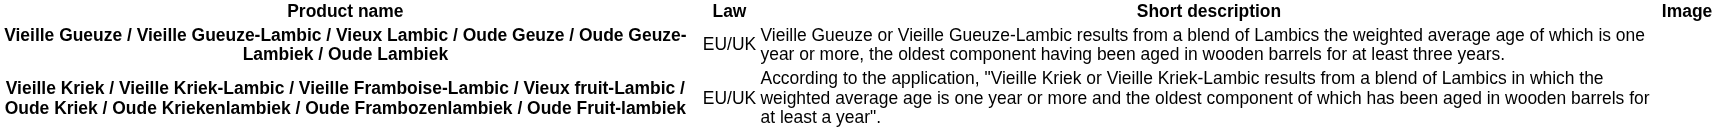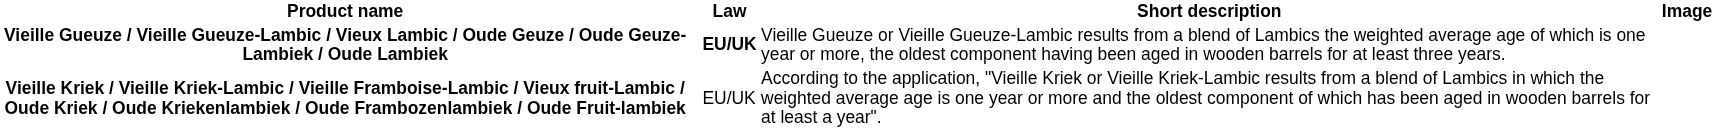 <table>
 <tr>
 <th>Product name</th>
 <th>Law</th>
 <th>Short description</th>
 <th>Image</th>
 </tr>
 <tr>
 <th>Vieille Gueuze / Vieille Gueuze-Lambic / Vieux Lambic / Oude Geuze / Oude Geuze-Lambiek / Oude Lambiek</th>
-<td>EU/UK</td>
+<td><strong>EU/UK</strong></td>
 <td>Vieille Gueuze or Vieille Gueuze-Lambic results from a blend of Lambics the weighted average age of which is one year or more, the oldest component having been aged in wooden barrels for at least three years.</td>
 <td></td>
 </tr>
 <tr>
 <th>Vieille Kriek / Vieille Kriek-Lambic / Vieille Framboise-Lambic / Vieux fruit-Lambic / Oude Kriek / Oude Kriekenlambiek / Oude Frambozenlambiek / Oude Fruit-lambiek</th>
 <td>EU/UK</td>
 <td>According to the application, "Vieille Kriek or Vieille Kriek-Lambic results from a blend of Lambics in which the weighted average age is one year or more and the oldest component of which has been aged in wooden barrels for at least a year".</td>
 <td></td>
 </tr>
 <tr>
 </tr>
 </table>
